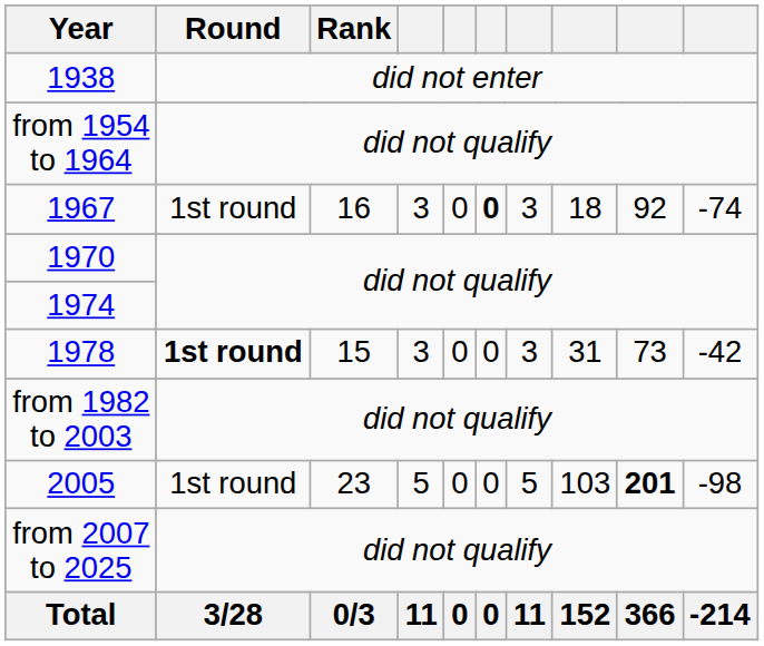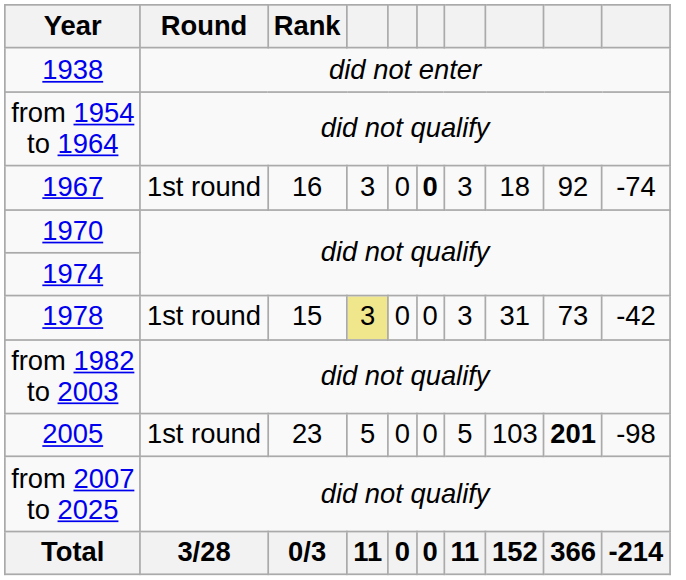 <table class="wikitable" style="text-align: center;">
 <tr>
 <th>Year</th>
 <th>Round</th>
 <th>Rank</th>
 <th></th>
 <th></th>
 <th></th>
 <th></th>
 <th></th>
 <th></th>
 <th></th>
 </tr>
 <tr>
 <td> <a href='#'>1938</a></td>
 <td colspan="9"><em>did not enter</em></td>
 </tr>
 <tr>
 <td>from <a href='#'>1954</a><br>to <a href='#'>1964</a></td>
 <td colspan="9"><em>did not qualify</em></td>
 </tr>
 <tr>
 <td> <a href='#'>1967</a></td>
 <td>1st round</td>
 <td>16</td>
 <td>3</td>
 <td>0</td>
 <td><strong>0</strong></td>
 <td>3</td>
 <td>18</td>
 <td>92</td>
 <td>-74</td>
 </tr>
 <tr>
 <td> <a href='#'>1970</a></td>
 <td rowspan="2"colspan="9"><em>did not qualify</em></td>
 </tr>
 <tr>
 <td> <a href='#'>1974</a></td>
 </tr>
 <tr>
 <td> <a href='#'>1978</a></td>
-<td><strong>1st round</strong></td>
+<td>1st round</td>
 <td>15</td>
-<td>3</td>
+<td style="background: khaki;">3</td>
 <td>0</td>
 <td>0</td>
 <td>3</td>
 <td>31</td>
 <td>73</td>
 <td>-42</td>
 </tr>
 <tr>
 <td>from <a href='#'>1982</a><br>to <a href='#'>2003</a></td>
 <td colspan="9"><em>did not qualify</em></td>
 </tr>
 <tr>
 <td> <a href='#'>2005</a></td>
 <td>1st round</td>
 <td>23</td>
 <td>5</td>
 <td>0</td>
 <td>0</td>
 <td>5</td>
 <td>103</td>
 <td><strong>201</strong></td>
 <td>-98</td>
 </tr>
 <tr>
 <td>from <a href='#'>2007</a><br>to <a href='#'>2025</a></td>
 <td colspan="9"><em>did not qualify</em></td>
 </tr>
 <tr>
 <th>Total</th>
 <th>3/28</th>
 <th>0/3</th>
 <th>11</th>
 <th>0</th>
 <th>0</th>
 <th>11</th>
 <th>152</th>
 <th>366</th>
 <th>-214</th>
 </tr>
 </table>
